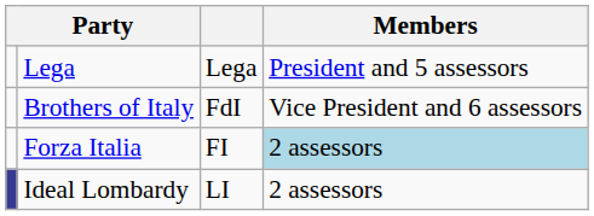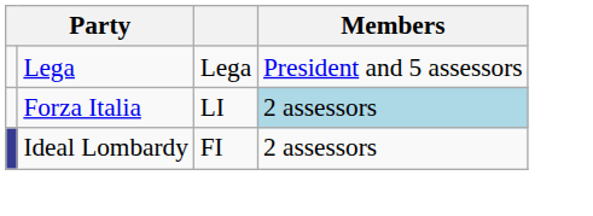 <table class="wikitable">
 <tr>
 <th colspan=2>Party</th>
 <th></th>
 <th>Members</th>
 </tr>
 <tr>
 <td style="background:"></td>
 <td><a href='#'>Lega</a></td>
 <td>Lega</td>
 <td><a href='#'>President</a> and 5 assessors</td>
 </tr>
 <tr>
 <td style="background:"></td>
-<td><a href='#'>Brothers of Italy</a></td>
-<td>FdI</td>
-<td>Vice President and 6 assessors</td>
-</tr>
-<tr>
-<td style="background:"></td>
 <td><a href='#'>Forza Italia</a></td>
-<td>FI</td>
+<td>LI</td>
 <td style="background: lightblue;">2 assessors</td>
 </tr>
 <tr>
 <td style="background:#363A91;"></td>
 <td>Ideal Lombardy</td>
-<td>LI</td>
+<td>FI</td>
 <td>2 assessors</td>
 </tr>
 </table>
